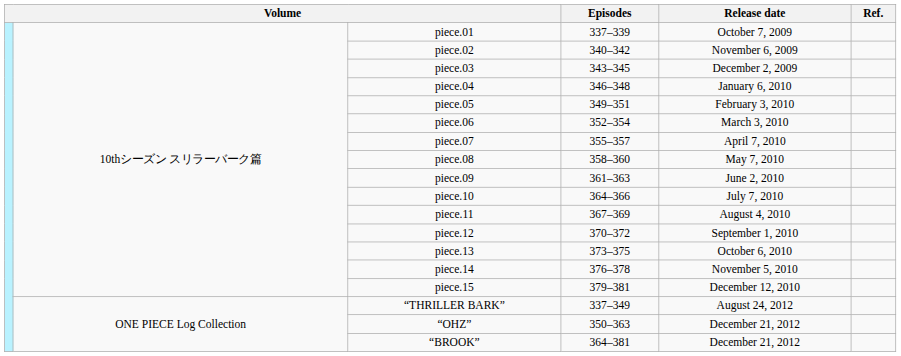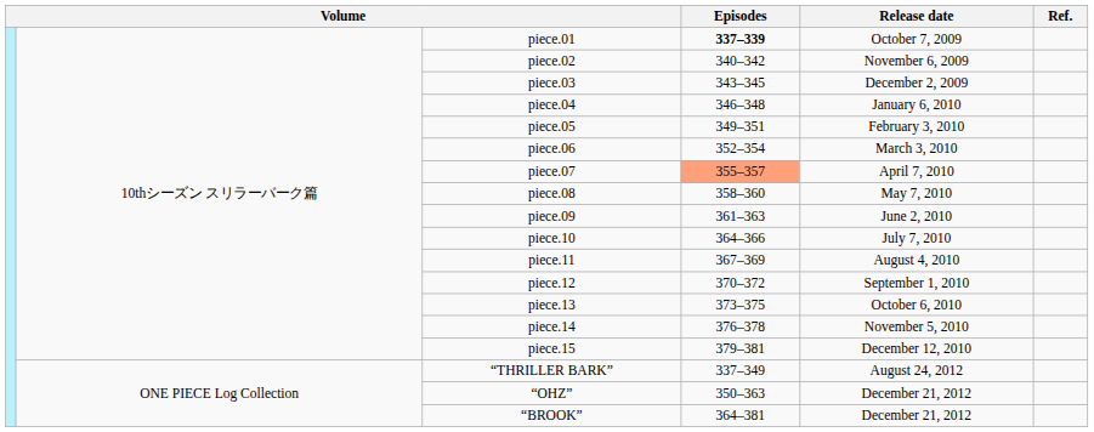 <table class="wikitable" style="text-align: center; width: 98%;">
 <tr>
 <th colspan="3">Volume</th>
 <th>Episodes</th>
 <th>Release date</th>
 <th width="5%">Ref.</th>
 </tr>
 <tr>
 <td rowspan="184" width="1%" style="background: #B9F2FF;"></td>
 <td rowspan="15">10thシーズン スリラーバーク篇</td>
 <td>piece.01</td>
-<td>337–339</td>
+<td><strong>337–339</strong></td>
 <td>October 7, 2009</td>
 <td></td>
 </tr>
 <tr>
 <td>piece.02</td>
 <td>340–342</td>
 <td>November 6, 2009</td>
 <td></td>
 </tr>
 <tr>
 <td>piece.03</td>
 <td>343–345</td>
 <td>December 2, 2009</td>
 <td></td>
 </tr>
 <tr>
 <td>piece.04</td>
 <td>346–348</td>
 <td>January 6, 2010</td>
 <td></td>
 </tr>
 <tr>
 <td>piece.05</td>
 <td>349–351</td>
 <td>February 3, 2010</td>
 <td></td>
 </tr>
 <tr>
 <td>piece.06</td>
 <td>352–354</td>
 <td>March 3, 2010</td>
 <td></td>
 </tr>
 <tr>
 <td>piece.07</td>
-<td>355–357</td>
+<td style="background: lightsalmon;">355–357</td>
 <td>April 7, 2010</td>
 <td></td>
 </tr>
 <tr>
 <td>piece.08</td>
 <td>358–360</td>
 <td>May 7, 2010</td>
 <td></td>
 </tr>
 <tr>
 <td>piece.09</td>
 <td>361–363</td>
 <td>June 2, 2010</td>
 <td></td>
 </tr>
 <tr>
 <td>piece.10</td>
 <td>364–366</td>
 <td>July 7, 2010</td>
 <td></td>
 </tr>
 <tr>
 <td>piece.11</td>
 <td>367–369</td>
 <td>August 4, 2010</td>
 <td></td>
 </tr>
 <tr>
 <td>piece.12</td>
 <td>370–372</td>
 <td>September 1, 2010</td>
 <td></td>
 </tr>
 <tr>
 <td>piece.13</td>
 <td>373–375</td>
 <td>October 6, 2010</td>
 <td></td>
 </tr>
 <tr>
 <td>piece.14</td>
 <td>376–378</td>
 <td>November 5, 2010</td>
 <td></td>
 </tr>
 <tr>
 <td>piece.15</td>
 <td>379–381</td>
 <td>December 12, 2010</td>
 <td></td>
 </tr>
 <tr>
 <td rowspan="3">ONE PIECE Log Collection</td>
 <td>“THRILLER BARK”</td>
 <td>337–349</td>
 <td>August 24, 2012</td>
 <td></td>
 </tr>
 <tr>
 <td>“OHZ”</td>
 <td>350–363</td>
 <td>December 21, 2012</td>
 <td></td>
 </tr>
 <tr>
 <td>“BROOK”</td>
 <td>364–381</td>
 <td>December 21, 2012</td>
 <td></td>
 </tr>
 </table>
